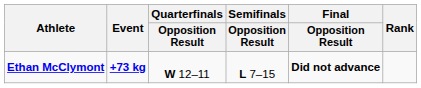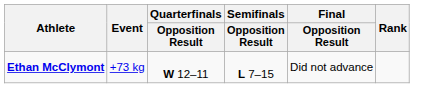 <table class="wikitable" style="font-size:90%;">
 <tr>
 <th rowspan=2>Athlete</th>
 <th rowspan=2>Event</th>
 <th>Quarterfinals</th>
 <th>Semifinals</th>
 <th>Final</th>
 <th rowspan=2>Rank</th>
 </tr>
 <tr style="font-size:95%">
 <th>Opposition<br>Result</th>
 <th>Opposition<br>Result</th>
 <th>Opposition<br>Result</th>
 </tr>
 <tr align=center>
 <td align=left><strong><a href='#'>Ethan McClymont</a></strong></td>
-<td align=left><strong><a href='#'>+73 kg</a></strong></td>
+<td align=left><a href='#'>+73 kg</a></td>
 <td><br><strong>W</strong> 12–11</td>
 <td><br><strong>L</strong> 7–15</td>
-<td><strong>Did not advance</strong></td>
+<td>Did not advance</td>
 <td></td>
 </tr>
 </table>
